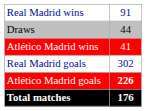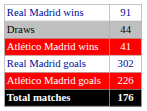 <table class="wikitable">
 <tr style="color:#000c99; background:#fff;">
 <td style="width:150px;">Real Madrid wins</td>
 <td style="color:#000c99; background:#fff; text-align:center; width:40px;">91</td>
 </tr>
 <tr style="color:#000; background:silver;">
 <td>Draws</td>
 <td style="color:#000; background:silver; text-align:center;">44</td>
 </tr>
 <tr style="color:white;">
 <td style="background:red">Atlético Madrid wins</td>
 <td style="color:white; background:red; text-align: center;">41</td>
 </tr>
 <tr style="color:#000c99; background:#fff;">
 <td style="width:150px;">Real Madrid goals</td>
 <td style="color:#000c99; background:#fff; text-align:center;">302</td>
 </tr>
 <tr style="color:white;">
 <td style="background:red">Atlético Madrid goals</td>
-<td style="color:white; background:red; text-align: center;"><strong>226</strong></td>
+<td style="color:white; background:red; text-align: center;">226</td>
 </tr>
 <tr style="color:#fff; background:#000;">
 <td><strong>Total matches</strong></td>
 <td style="color:#fff; background:#000; text-align:center;"><strong>176</strong></td>
 </tr>
 </table>
